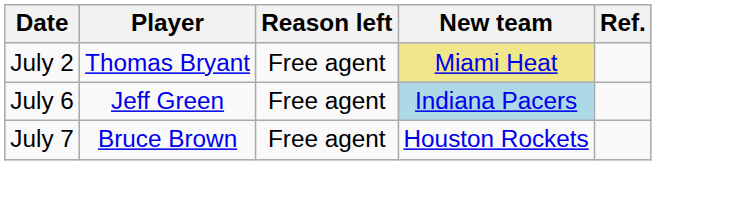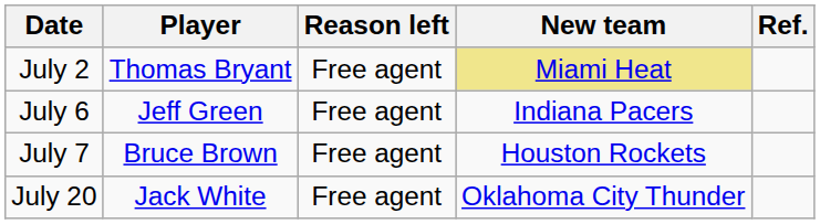 <table class="wikitable sortable sortable" style="text-align: center">
 <tr>
 <th>Date</th>
 <th>Player</th>
 <th>Reason left</th>
 <th>New team</th>
 <th>Ref.</th>
 </tr>
 <tr>
 <td>July 2</td>
 <td><a href='#'>Thomas Bryant</a></td>
 <td>Free agent</td>
 <td style="background: khaki;"><a href='#'>Miami Heat</a></td>
 <td></td>
 </tr>
 <tr>
 <td>July 6</td>
 <td><a href='#'>Jeff Green</a></td>
 <td>Free agent</td>
-<td style="background: lightblue;"><a href='#'>Indiana Pacers</a></td>
+<td><a href='#'>Indiana Pacers</a></td>
 <td></td>
 </tr>
 <tr>
 <td>July 7</td>
 <td><a href='#'>Bruce Brown</a></td>
 <td>Free agent</td>
 <td><a href='#'>Houston Rockets</a></td>
 <td></td>
 </tr>
+<tr>
+<td>July 20</td>
+<td><a href='#'>Jack White</a></td>
+<td>Free agent</td>
+<td><a href='#'>Oklahoma City Thunder</a></td>
+<td></td>
+</tr>
 </table>
